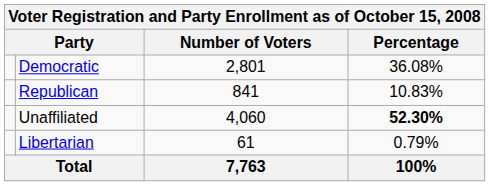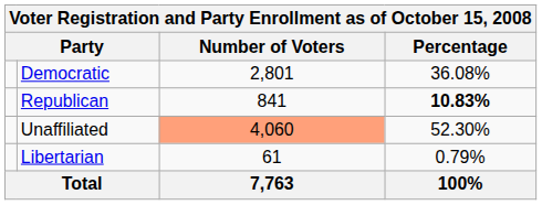 <table class=wikitable>
 <tr>
 <th colspan = 6>Voter Registration and Party Enrollment as of October 15, 2008</th>
 </tr>
 <tr>
 <th colspan = 2>Party</th>
 <th>Number of Voters</th>
 <th>Percentage</th>
 </tr>
 <tr>
 <td></td>
 <td><a href='#'>Democratic</a></td>
 <td align = center>2,801</td>
 <td align = center>36.08%</td>
 </tr>
 <tr>
 <td></td>
 <td><a href='#'>Republican</a></td>
 <td align = center>841</td>
-<td align = center>10.83%</td>
+<td align = center><strong>10.83%</strong></td>
 </tr>
 <tr>
 <td></td>
 <td>Unaffiliated</td>
-<td align = center>4,060</td>
-<td align = center><strong>52.30%</strong></td>
+<td align = center style="background: lightsalmon;">4,060</td>
+<td align = center>52.30%</td>
 </tr>
 <tr>
 <td></td>
 <td><a href='#'>Libertarian</a></td>
 <td align = center>61</td>
 <td align = center>0.79%</td>
 </tr>
 <tr>
 <th colspan = 2>Total</th>
 <th align = center>7,763</th>
 <th align = center>100%</th>
 </tr>
 </table>
